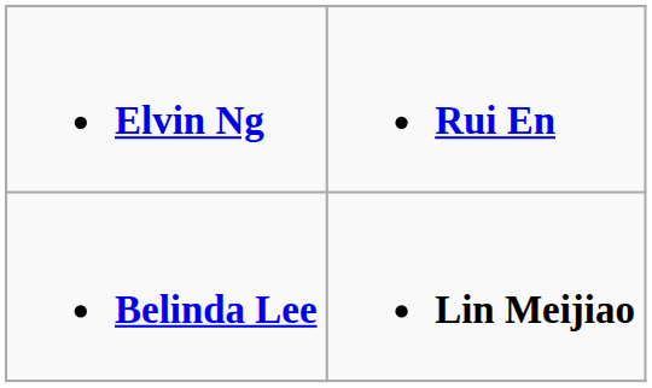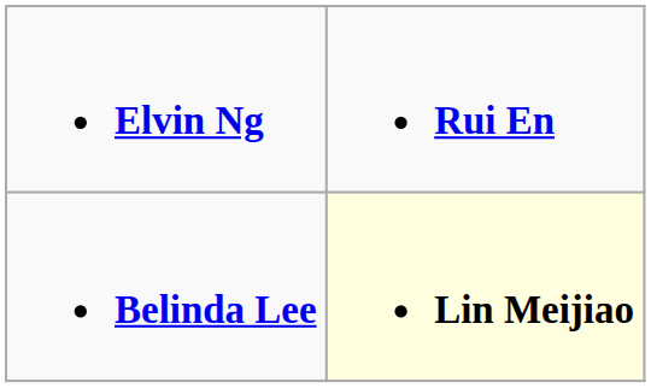 <table class=wikitable>
 <tr>
 <td valign="top" width="50%"><br><ul><li><strong><a href='#'>Elvin Ng</a></strong></li></ul></td>
 <td valign="top" width="50%"><br><ul><li><strong> <a href='#'>Rui En</a> </strong></li></ul></td>
 </tr>
 <tr>
 <td valign="top" width="50%"><br><ul><li><strong><a href='#'>Belinda Lee</a></strong></li></ul></td>
-<td valign="top" width="50%"><br><ul><li><strong>Lin Meijiao</strong></li></ul></td>
+<td valign="top" width="50%" style="background: lightyellow;"><br><ul><li><strong>Lin Meijiao</strong></li></ul></td>
 </tr>
 </table>
